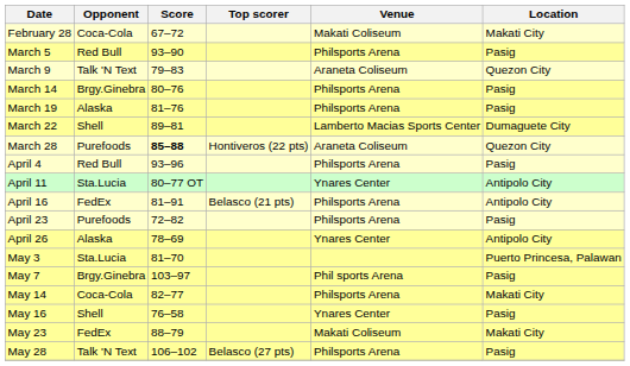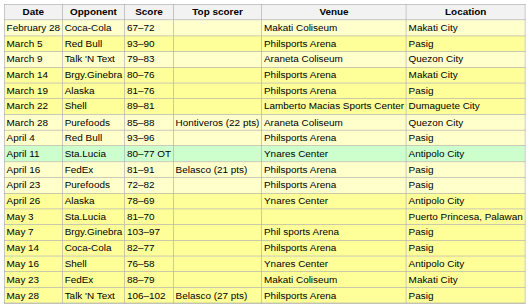 <table class="wikitable sortable sortable">
 <tr>
 <th>Date</th>
 <th>Opponent</th>
 <th>Score</th>
 <th>Top scorer</th>
 <th>Venue</th>
 <th>Location</th>
 </tr>
 <tr bgcolor=#FFFFCC>
 <td>February 28</td>
 <td>Coca-Cola</td>
 <td>67–72</td>
 <td></td>
 <td>Makati Coliseum</td>
 <td>Makati City</td>
 </tr>
 <tr bgcolor=#FFFF99>
 <td>March 5</td>
 <td>Red Bull</td>
 <td>93–90</td>
 <td></td>
 <td>Philsports Arena</td>
 <td>Pasig</td>
 </tr>
 <tr bgcolor=#FFFFCC>
 <td>March 9</td>
 <td>Talk 'N Text</td>
 <td>79–83</td>
 <td></td>
 <td>Araneta Coliseum</td>
 <td>Quezon City</td>
 </tr>
 <tr bgcolor=#FFFF99>
 <td>March 14</td>
 <td>Brgy.Ginebra</td>
 <td>80–76</td>
 <td></td>
 <td>Philsports Arena</td>
-<td>Pasig</td>
+<td>Makati City</td>
 </tr>
 <tr bgcolor=#FFFF99>
 <td>March 19</td>
 <td>Alaska</td>
 <td>81–76</td>
 <td></td>
 <td>Philsports Arena</td>
 <td>Pasig</td>
 </tr>
 <tr bgcolor=#FFFF99>
 <td>March 22</td>
 <td>Shell</td>
 <td>89–81</td>
 <td></td>
 <td>Lamberto Macias Sports Center</td>
 <td>Dumaguete City</td>
 </tr>
 <tr bgcolor=#FFFFCC>
 <td>March 28</td>
 <td>Purefoods</td>
-<td><strong>85–88</strong></td>
+<td>85–88</td>
 <td>Hontiveros (22 pts)</td>
 <td>Araneta Coliseum</td>
 <td>Quezon City</td>
 </tr>
 <tr bgcolor=#FFFFCC>
 <td>April 4</td>
 <td>Red Bull</td>
 <td>93–96</td>
 <td></td>
 <td>Philsports Arena</td>
 <td>Pasig</td>
 </tr>
 <tr bgcolor=#ccffcc>
 <td>April 11</td>
 <td>Sta.Lucia</td>
 <td>80–77 OT</td>
 <td></td>
 <td>Ynares Center</td>
 <td>Antipolo City</td>
 </tr>
 <tr bgcolor=#FFFFCC>
 <td>April 16</td>
 <td>FedEx</td>
 <td>81–91</td>
 <td>Belasco (21 pts)</td>
 <td>Philsports Arena</td>
-<td>Antipolo City</td>
+<td>Pasig</td>
 </tr>
 <tr bgcolor=#FFFFCC>
 <td>April 23</td>
 <td>Purefoods</td>
 <td>72–82</td>
 <td></td>
 <td>Philsports Arena</td>
 <td>Pasig</td>
 </tr>
 <tr bgcolor=#FFFF99>
 <td>April 26</td>
 <td>Alaska</td>
 <td>78–69</td>
 <td></td>
 <td>Ynares Center</td>
 <td>Antipolo City</td>
 </tr>
 <tr bgcolor=#FFFF99>
 <td>May 3</td>
 <td>Sta.Lucia</td>
 <td>81–70</td>
 <td></td>
 <td></td>
 <td>Puerto Princesa, Palawan</td>
 </tr>
 <tr bgcolor=#FFFF99>
 <td>May 7</td>
 <td>Brgy.Ginebra</td>
 <td>103–97</td>
 <td></td>
 <td>Phil sports Arena</td>
 <td>Pasig</td>
 </tr>
 <tr bgcolor=#FFFF99>
 <td>May 14</td>
 <td>Coca-Cola</td>
 <td>82–77</td>
 <td></td>
 <td>Philsports Arena</td>
-<td>Makati City</td>
+<td>Pasig</td>
 </tr>
 <tr bgcolor=#FFFF99>
 <td>May 16</td>
 <td>Shell</td>
 <td>76–58</td>
 <td></td>
 <td>Ynares Center</td>
-<td>Pasig</td>
+<td>Antipolo City</td>
 </tr>
 <tr bgcolor=#FFFF99>
 <td>May 23</td>
 <td>FedEx</td>
 <td>88–79</td>
 <td></td>
 <td>Makati Coliseum</td>
 <td>Makati City</td>
 </tr>
 <tr bgcolor=#FFFF99>
 <td>May 28</td>
 <td>Talk 'N Text</td>
 <td>106–102</td>
 <td>Belasco (27 pts)</td>
 <td>Philsports Arena</td>
 <td>Pasig</td>
 </tr>
 <tr>
 </tr>
 </table>
